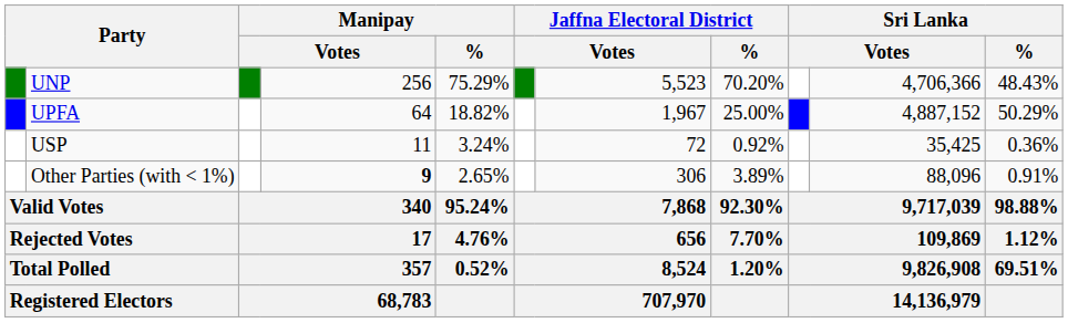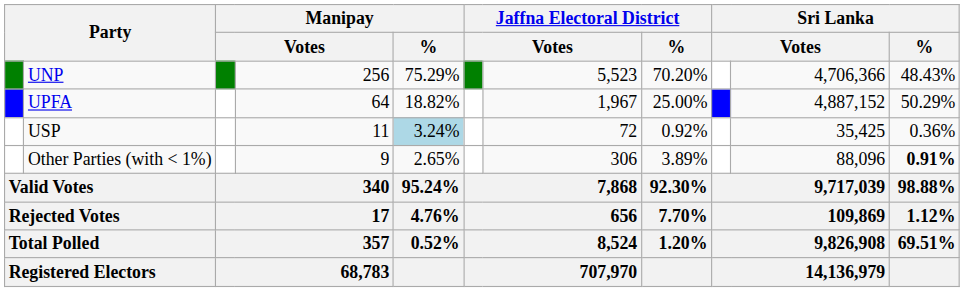 <table class="wikitable">
 <tr>
 <th colspan="2" width="144px"rowspan="2">Party</th>
 <th colspan="3" width="216px">Manipay</th>
 <th colspan="3" width="216px"><a href='#'>Jaffna Electoral District</a></th>
 <th colspan="3" width="216px">Sri Lanka</th>
 </tr>
 <tr>
 <th colspan="2" width="144px">Votes</th>
 <th>%</th>
 <th colspan="2" width="144px">Votes</th>
 <th>%</th>
 <th colspan="2" width="144px">Votes</th>
 <th>%</th>
 </tr>
 <tr>
 <td style="background-color:green;" width="10px"></td>
 <td style="text-align:left;"><a href='#'>UNP</a></td>
 <td style="background-color:green;" width="10px"></td>
 <td style="text-align:right;">256</td>
 <td style="text-align:right;">75.29%</td>
 <td style="background-color:green;" width="10px"></td>
 <td style="text-align:right;">5,523</td>
 <td style="text-align:right;">70.20%</td>
 <td style="background-color:white;" width="10px"></td>
 <td style="text-align:right;">4,706,366</td>
 <td style="text-align:right;">48.43%</td>
 </tr>
 <tr>
 <td style="background-color:blue;" width="10px"></td>
 <td style="text-align:left;"><a href='#'>UPFA</a></td>
 <td style="background-color:white;" width="10px"></td>
 <td style="text-align:right;">64</td>
 <td style="text-align:right;">18.82%</td>
 <td style="background-color:white;" width="10px"></td>
 <td style="text-align:right;">1,967</td>
 <td style="text-align:right;">25.00%</td>
 <td style="background-color:blue;" width="10px"></td>
 <td style="text-align:right;">4,887,152</td>
 <td style="text-align:right;">50.29%</td>
 </tr>
 <tr>
 <td style="background-color:white;" width="10px"></td>
 <td style="text-align:left;">USP</td>
 <td style="background-color:white;" width="10px"></td>
 <td style="text-align:right;">11</td>
-<td style="text-align:right;">3.24%</td>
+<td style="background: lightblue; text-align:right;">3.24%</td>
 <td style="background-color:white;" width="10px"></td>
 <td style="text-align:right;">72</td>
 <td style="text-align:right;">0.92%</td>
 <td style="background-color:white;" width="10px"></td>
 <td style="text-align:right;">35,425</td>
 <td style="text-align:right;">0.36%</td>
 </tr>
 <tr>
 <td style="background-color:white;" width="10px"></td>
 <td style="text-align:left;">Other Parties (with < 1%)</td>
 <td style="background-color:white;" width="10px"></td>
-<td style="text-align:right;"><strong>9</strong></td>
+<td style="text-align:right;">9</td>
 <td style="text-align:right;">2.65%</td>
 <td style="background-color:white;" width="10px"></td>
 <td style="text-align:right;">306</td>
 <td style="text-align:right;">3.89%</td>
 <td style="background-color:white;" width="10px"></td>
 <td style="text-align:right;">88,096</td>
-<td style="text-align:right;">0.91%</td>
+<td style="text-align:right;"><strong>0.91%</strong></td>
 </tr>
 <tr>
 <th colspan="2" width="144px"style="text-align:left;">Valid Votes</th>
 <th style="text-align:right;"colspan="2" width="144px">340</th>
 <th style="text-align:right;">95.24%</th>
 <th style="text-align:right;"colspan="2" width="144px">7,868</th>
 <th style="text-align:right;">92.30%</th>
 <th style="text-align:right;"colspan="2" width="144px">9,717,039</th>
 <th style="text-align:right;">98.88%</th>
 </tr>
 <tr>
 <th colspan="2" width="144px"style="text-align:left;">Rejected Votes</th>
 <th style="text-align:right;"colspan="2" width="144px">17</th>
 <th style="text-align:right;">4.76%</th>
 <th style="text-align:right;"colspan="2" width="144px">656</th>
 <th style="text-align:right;">7.70%</th>
 <th style="text-align:right;"colspan="2" width="144px">109,869</th>
 <th style="text-align:right;">1.12%</th>
 </tr>
 <tr>
 <th colspan="2" width="144px"style="text-align:left;">Total Polled</th>
 <th style="text-align:right;"colspan="2" width="144px">357</th>
 <th style="text-align:right;">0.52%</th>
 <th style="text-align:right;"colspan="2" width="144px">8,524</th>
 <th style="text-align:right;">1.20%</th>
 <th style="text-align:right;"colspan="2" width="144px">9,826,908</th>
 <th style="text-align:right;">69.51%</th>
 </tr>
 <tr>
 <th colspan="2" width="144px"style="text-align:left;">Registered Electors</th>
 <th style="text-align:right;"colspan="2" width="144px">68,783</th>
 <th></th>
 <th style="text-align:right;"colspan="2" width="144px">707,970</th>
 <th></th>
 <th style="text-align:right;"colspan="2" width="144px">14,136,979</th>
 <th></th>
 </tr>
 </table>
